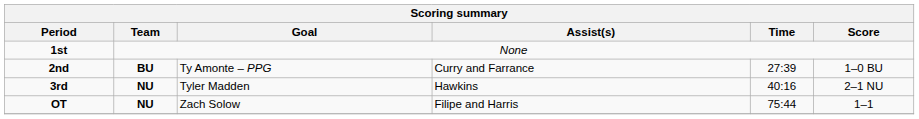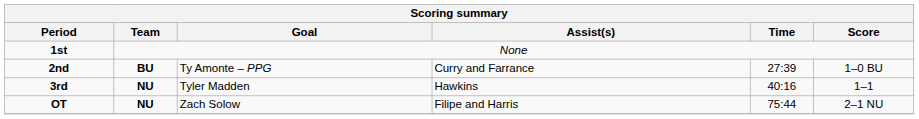 <table style="width:100%;" class="wikitable">
 <tr>
 <th colspan=6>Scoring summary</th>
 </tr>
 <tr>
 <th style="width:12%;">Period</th>
 <th style="width:7%;">Team</th>
 <th style="width:28%;">Goal</th>
 <th style="width:35%;">Assist(s)</th>
 <th style="width:7%;">Time</th>
 <th style="width:11%;">Score</th>
 </tr>
 <tr>
 <td style="text-align:center;" rowspan="1"><strong>1st</strong></td>
 <td style="text-align:center;" colspan="5"><em>None</em></td>
 </tr>
 <tr>
 <td style="text-align:center;" rowspan="1"><strong>2nd</strong></td>
 <td align=center><strong>BU</strong></td>
 <td>Ty Amonte – <em>PPG</em></td>
 <td>Curry and Farrance</td>
 <td align=center>27:39</td>
 <td align=center>1–0 BU</td>
 </tr>
 <tr>
 <td style="text-align:center;" rowspan="1"><strong>3rd</strong></td>
 <td align=center><strong>NU</strong></td>
 <td>Tyler Madden</td>
 <td>Hawkins</td>
 <td align=center>40:16</td>
-<td align=center>2–1 NU</td>
+<td align=center>1–1</td>
 </tr>
 <tr>
 <td style="text-align:center;" rowspan="1"><strong>OT</strong></td>
 <td align=center><strong>NU</strong></td>
 <td>Zach Solow</td>
 <td>Filipe and Harris</td>
 <td align=center>75:44</td>
-<td align=center>1–1</td>
+<td align=center>2–1 NU</td>
 </tr>
 <tr>
 </tr>
 </table>
